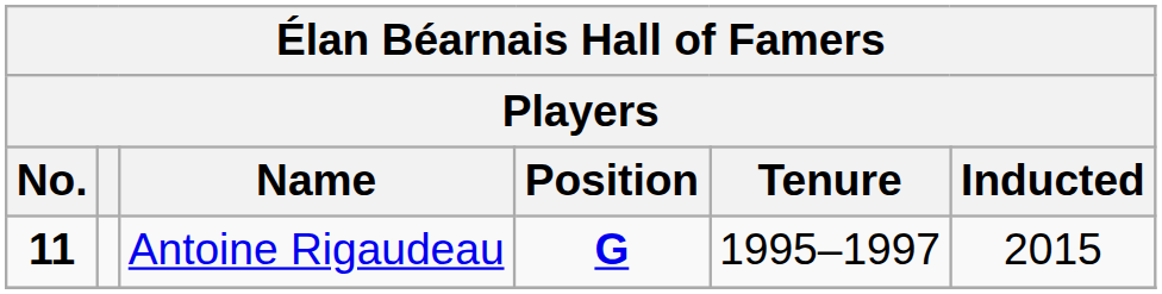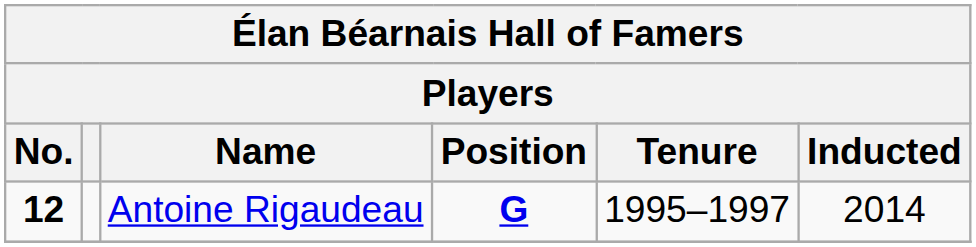 <table class="wikitable sortable" style="text-align:center">
 <tr>
 <th colspan="6">Élan Béarnais Hall of Famers</th>
 </tr>
 <tr>
 <th colspan="6">Players</th>
 </tr>
 <tr>
 <th>No.</th>
 <th></th>
 <th>Name</th>
 <th>Position</th>
 <th>Tenure</th>
 <th>Inducted</th>
 </tr>
 <tr>
-<td><strong>11</strong></td>
+<td><strong>12</strong></td>
 <td></td>
 <td><a href='#'>Antoine Rigaudeau</a></td>
 <td><strong><a href='#'>G</a></strong></td>
 <td>1995–1997</td>
-<td>2015</td>
+<td>2014</td>
 </tr>
 <tr>
 </tr>
 </table>
